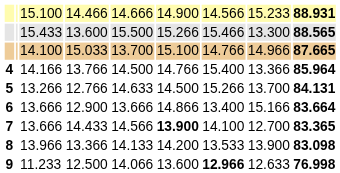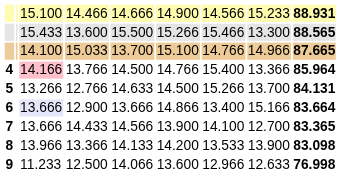 <table>
 <tr style="background:#fffcaf;">
 <th scope=row style="text-align:center"></th>
 <td align=left></td>
 <td>15.100</td>
 <td>14.466</td>
 <td>14.666</td>
 <td>14.900</td>
 <td>14.566</td>
 <td>15.233</td>
 <td><strong>88.931</strong></td>
 </tr>
 <tr style="background:#e5e5e5;">
 <th scope=row style="text-align:center"></th>
 <td align=left></td>
 <td>15.433</td>
 <td>13.600</td>
 <td>15.500</td>
 <td>15.266</td>
 <td>15.466</td>
 <td>13.300</td>
 <td><strong>88.565</strong></td>
 </tr>
 <tr style="background:#ec9;">
 <th scope=row style="text-align:center"></th>
 <td align=left></td>
 <td>14.100</td>
 <td>15.033</td>
 <td>13.700</td>
 <td>15.100</td>
 <td>14.766</td>
 <td>14.966</td>
 <td><strong>87.665</strong></td>
 </tr>
 <tr>
 <th scope=row style="text-align:center">4</th>
 <td align=left></td>
-<td>14.166</td>
+<td style="background: pink;">14.166</td>
 <td>13.766</td>
 <td>14.500</td>
 <td>14.766</td>
 <td>15.400</td>
 <td>13.366</td>
 <td><strong>85.964</strong></td>
 </tr>
 <tr>
 <th scope=row style="text-align:center">5</th>
 <td align=left></td>
 <td>13.266</td>
 <td>12.766</td>
 <td>14.633</td>
 <td>14.500</td>
 <td>15.266</td>
 <td>13.700</td>
 <td><strong>84.131</strong></td>
 </tr>
 <tr>
 <th scope=row style="text-align:center">6</th>
 <td align=left></td>
-<td>13.666</td>
+<td style="background: lavender;">13.666</td>
 <td>12.900</td>
 <td>13.666</td>
 <td>14.866</td>
 <td>13.400</td>
 <td>15.166</td>
 <td><strong>83.664</strong></td>
 </tr>
 <tr>
 <th scope=row style="text-align:center">7</th>
 <td align=left></td>
 <td>13.666</td>
 <td>14.433</td>
 <td>14.566</td>
-<td><strong>13.900</strong></td>
+<td>13.900</td>
 <td>14.100</td>
 <td>12.700</td>
 <td><strong>83.365</strong></td>
 </tr>
 <tr>
 <th scope=row style="text-align:center">8</th>
 <td align=left></td>
 <td>13.966</td>
 <td>13.366</td>
 <td>14.133</td>
 <td>14.200</td>
 <td>13.533</td>
 <td>13.900</td>
 <td><strong>83.098</strong></td>
 </tr>
 <tr>
 <th scope=row style="text-align:center">9</th>
 <td align=left></td>
 <td>11.233</td>
 <td>12.500</td>
 <td>14.066</td>
 <td>13.600</td>
-<td><strong>12.966</strong></td>
+<td>12.966</td>
 <td>12.633</td>
 <td><strong>76.998</strong></td>
 </tr>
 </table>
